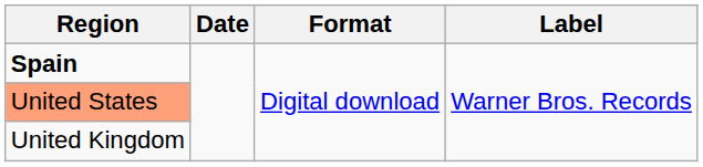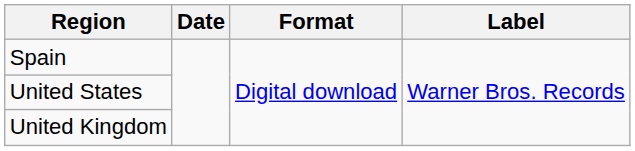 <table class="wikitable">
 <tr>
 <th>Region</th>
 <th>Date</th>
 <th>Format</th>
 <th>Label</th>
 </tr>
 <tr>
-<td><strong>Spain</strong></td>
+<td>Spain</td>
 <td rowspan="3"></td>
 <td rowspan="3"><a href='#'>Digital download</a></td>
 <td rowspan="3"><a href='#'>Warner Bros. Records</a></td>
 </tr>
 <tr>
-<td style="background: lightsalmon;">United States</td>
+<td>United States</td>
 </tr>
 <tr>
 <td>United Kingdom</td>
 </tr>
 </table>
